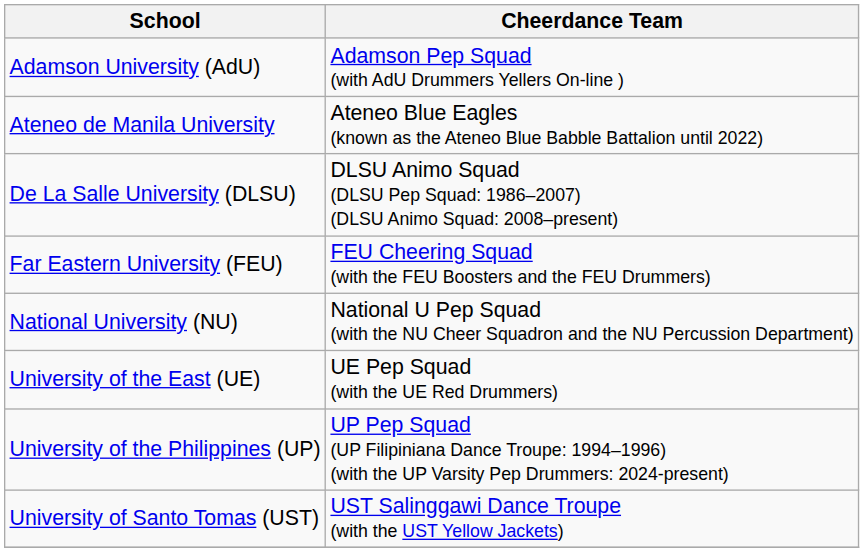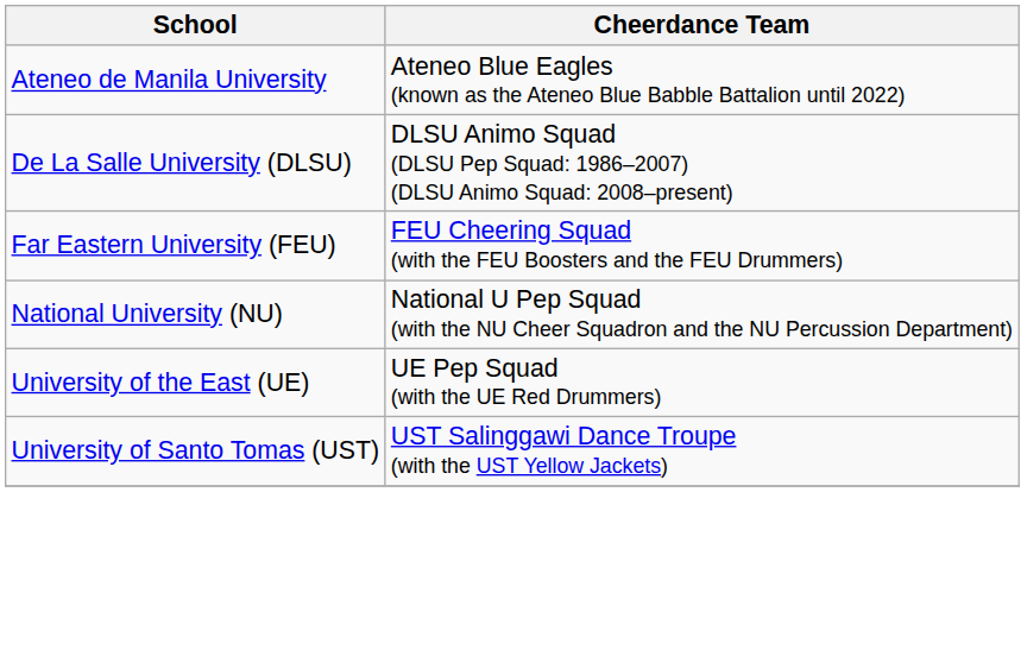 <table class="wikitable" style="text align: center">
 <tr bgcolor="#efefef">
 <th>School</th>
 <th>Cheerdance Team</th>
-</tr>
-<tr>
-<td> <a href='#'>Adamson University</a> (AdU)</td>
-<td><a href='#'>Adamson Pep Squad</a><br><small>(with AdU Drummers Yellers On-line )</small></td>
 </tr>
 <tr>
 <td> <a href='#'>Ateneo de Manila University</a></td>
 <td>Ateneo Blue Eagles<br><small>(known as the Ateneo Blue Babble Battalion until 2022)</small></td>
 </tr>
 <tr>
 <td> <a href='#'>De La Salle University</a> (DLSU)</td>
 <td>DLSU Animo Squad<br><small>(DLSU Pep Squad: 1986–2007)<br>(DLSU Animo Squad: 2008–present)</small></td>
 </tr>
 <tr>
 <td> <a href='#'>Far Eastern University</a> (FEU)</td>
 <td><a href='#'>FEU Cheering Squad</a><br><small>(with the FEU Boosters and the FEU Drummers)</small></td>
 </tr>
 <tr>
 <td> <a href='#'>National University</a> (NU)</td>
 <td>National U Pep Squad <br><small>(with the NU Cheer Squadron and the NU Percussion Department)</small></td>
 </tr>
 <tr>
 <td> <a href='#'>University of the East</a> (UE)</td>
 <td>UE Pep Squad <br><small>(with the UE Red Drummers)</small></td>
 </tr>
 <tr>
-<td> <a href='#'>University of the Philippines</a> (UP)</td>
-<td><a href='#'>UP Pep Squad</a><br><small>(UP Filipiniana Dance Troupe: 1994–1996)<br>(with the UP Varsity Pep Drummers: 2024-present)</small></td>
-</tr>
-<tr>
 <td> <a href='#'>University of Santo Tomas</a> (UST)</td>
 <td><a href='#'>UST Salinggawi Dance Troupe</a><br><small>(with the <a href='#'>UST Yellow Jackets</a>)</small></td>
 </tr>
 <tr>
 </tr>
 </table>
